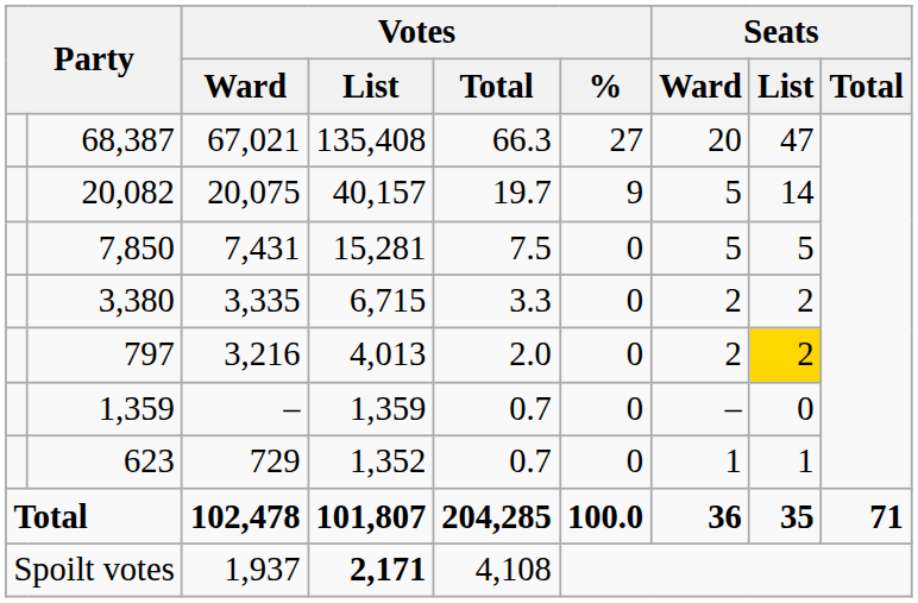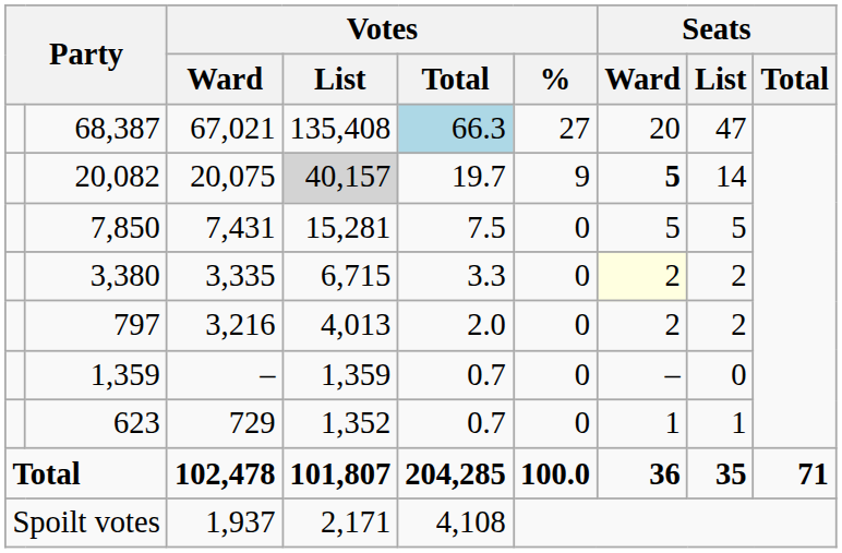 <table class=wikitable style="text-align:right">
 <tr>
 <th rowspan="2" colspan="2">Party</th>
 <th colspan="4" align="center">Votes</th>
 <th colspan="3" align="center">Seats</th>
 </tr>
 <tr>
 <th>Ward</th>
 <th>List</th>
 <th>Total</th>
 <th>%</th>
 <th>Ward</th>
 <th>List</th>
 <th>Total</th>
 </tr>
 <tr>
 <td></td>
 <td>68,387</td>
 <td>67,021</td>
 <td>135,408</td>
-<td>66.3</td>
+<td style="background: lightblue;">66.3</td>
 <td>27</td>
 <td>20</td>
 <td>47</td>
 </tr>
 <tr>
 <td></td>
 <td>20,082</td>
 <td>20,075</td>
-<td>40,157</td>
+<td style="background: lightgrey;">40,157</td>
 <td>19.7</td>
 <td>9</td>
-<td>5</td>
+<td><strong>5</strong></td>
 <td>14</td>
 </tr>
 <tr>
 <td></td>
 <td>7,850</td>
 <td>7,431</td>
 <td>15,281</td>
 <td>7.5</td>
 <td>0</td>
 <td>5</td>
 <td>5</td>
 </tr>
 <tr>
 <td></td>
 <td>3,380</td>
 <td>3,335</td>
 <td>6,715</td>
 <td>3.3</td>
 <td>0</td>
-<td>2</td>
+<td style="background: lightyellow;">2</td>
 <td>2</td>
 </tr>
 <tr>
 <td></td>
 <td>797</td>
 <td>3,216</td>
 <td>4,013</td>
 <td>2.0</td>
 <td>0</td>
 <td>2</td>
-<td style="background: gold;">2</td>
+<td>2</td>
 </tr>
 <tr>
 <td></td>
 <td>1,359</td>
 <td>–</td>
 <td>1,359</td>
 <td>0.7</td>
 <td>0</td>
 <td>–</td>
 <td>0</td>
 </tr>
 <tr>
 <td></td>
 <td>623</td>
 <td>729</td>
 <td>1,352</td>
 <td>0.7</td>
 <td>0</td>
 <td>1</td>
 <td>1</td>
 </tr>
 <tr>
 <td colspan="2" style="text-align:left"><strong>Total</strong></td>
 <td><strong>102,478</strong></td>
 <td><strong>101,807</strong></td>
 <td><strong>204,285</strong></td>
 <td><strong>100.0</strong></td>
 <td><strong>36</strong></td>
 <td><strong>35</strong></td>
 <td><strong>71</strong></td>
 </tr>
 <tr>
 <td colspan="2" style="text-align:left">Spoilt votes</td>
 <td>1,937</td>
-<td><strong>2,171</strong></td>
+<td>2,171</td>
 <td>4,108</td>
 </tr>
 </table>
